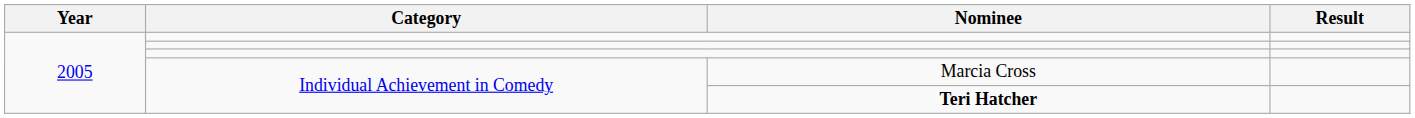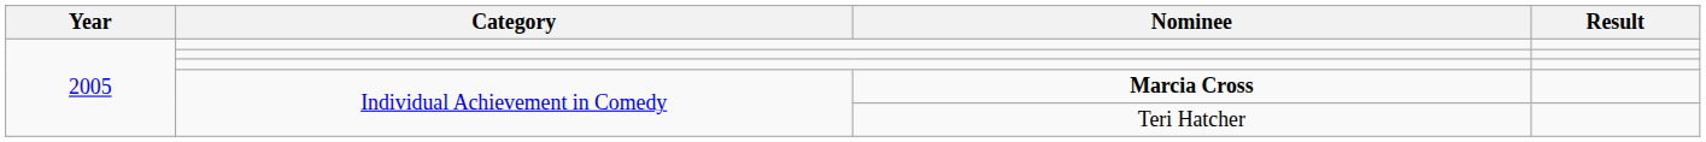 <table class="wikitable" width="80%">
 <tr>
 <th width="10%">Year</th>
 <th width="40%">Category</th>
 <th width="40%">Nominee</th>
 <th width="10%">Result</th>
 </tr>
 <tr>
 <td rowspan="5" align="center"><a href='#'>2005</a></td>
 <td colspan="2" align="center"></td>
 <td></td>
 </tr>
 <tr>
 <td colspan="2" align="center"></td>
 <td></td>
 </tr>
 <tr>
 <td colspan="2" align="center"></td>
 <td></td>
 </tr>
 <tr>
 <td rowspan="2" align="center"><a href='#'>Individual Achievement in Comedy</a></td>
-<td align="center">Marcia Cross</td>
+<td align="center"><strong>Marcia Cross</strong></td>
 <td></td>
 </tr>
 <tr>
-<td align="center"><strong>Teri Hatcher</strong></td>
+<td align="center">Teri Hatcher</td>
 <td></td>
 </tr>
 </table>
